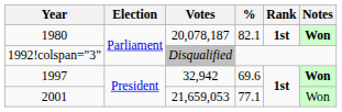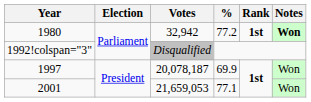 <table class="wikitable" style="text-align:center;">
 <tr>
 <th>Year</th>
 <th>Election</th>
 <th>Votes</th>
 <th>%</th>
 <th>Rank</th>
 <th>Notes</th>
 </tr>
 <tr>
 <td>1980</td>
 <td rowspan="2"><a href='#'>Parliament</a></td>
-<td>20,078,187</td>
-<td>82.1</td>
+<td>32,942</td>
+<td>77.2</td>
 <td><strong>1st</strong></td>
 <td style="background-color:#CCFFCC"><strong>Won</strong></td>
 </tr>
 <tr>
 <td>1992!colspan="3" </td>
 <td style="background-color:#C0C0C0"><em>Disqualified</em></td>
 </tr>
 <tr>
 <td>1997</td>
 <td rowspan="2"><a href='#'>President</a></td>
-<td>32,942</td>
-<td>69.6</td>
+<td>20,078,187</td>
+<td>69.9</td>
 <td rowspan="2"><strong>1st</strong></td>
-<td style="background-color:#CCFFCC"><strong>Won</strong></td>
+<td style="background-color:#CCFFCC">Won</td>
 </tr>
 <tr>
 <td>2001</td>
 <td> 21,659,053</td>
 <td> 77.1</td>
 <td style="background-color:#CCFFCC">Won</td>
 </tr>
 </table>
